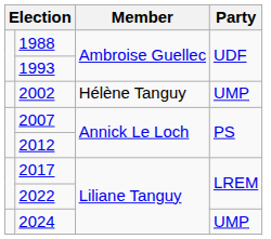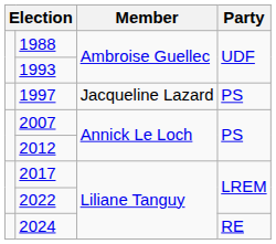 <table class="wikitable">
 <tr>
 <th colspan="2">Election</th>
 <th>Member</th>
 <th>Party</th>
 </tr>
 <tr>
 <td rowspan="2" style="color:inherit;background-color: "></td>
 <td><a href='#'>1988</a></td>
 <td rowspan="2"><a href='#'>Ambroise Guellec</a></td>
 <td rowspan="2"><a href='#'>UDF</a></td>
 </tr>
 <tr>
 <td><a href='#'>1993</a></td>
 </tr>
 <tr>
 <td style="color:inherit;background-color: "></td>
-<td><a href='#'>2002</a></td>
-<td>Hélène Tanguy</td>
-<td><a href='#'>UMP</a></td>
+<td><a href='#'>1997</a></td>
+<td>Jacqueline Lazard</td>
+<td><a href='#'>PS</a></td>
 </tr>
 <tr>
 <td rowspan="2" style="color:inherit;background-color: "></td>
 <td><a href='#'>2007</a></td>
 <td rowspan="2"><a href='#'>Annick Le Loch</a></td>
 <td rowspan="2"><a href='#'>PS</a></td>
 </tr>
 <tr>
 <td><a href='#'>2012</a></td>
 </tr>
 <tr>
 <td rowspan="2" style="color:inherit;background-color: "></td>
 <td><a href='#'>2017</a></td>
 <td rowspan="3"><a href='#'>Liliane Tanguy</a></td>
 <td rowspan="2"><a href='#'>LREM</a></td>
 </tr>
 <tr>
 <td><a href='#'>2022</a></td>
 </tr>
 <tr>
 <td style="color:inherit;background-color: "></td>
 <td><a href='#'>2024</a></td>
-<td><a href='#'>UMP</a></td>
+<td><a href='#'>RE</a></td>
 </tr>
 </table>
